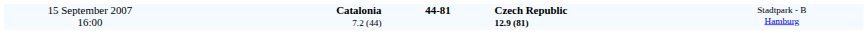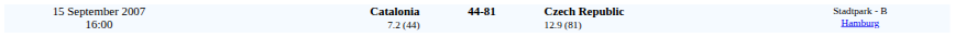 <table style="width: 100%; background:#F5FAFF;" cellspacing="0">
 <tr>
 <td align=center rowspan=3 width=20%>15 September 2007<br>16:00</td>
 </tr>
 <tr>
 <td width=24% align=right><strong>Catalonia</strong></td>
 <td align=center width=13%><strong>44-81</strong></td>
 <td width=24%><strong>Czech Republic</strong></td>
 <td style=font-size:85% rowspan=3 valign=top align=center>Stadtpark - B <br><a href='#'>Hamburg</a></td>
 </tr>
 <tr style=font-size:85%>
 <td align=right>7.2 (44)</td>
 <td align=center></td>
-<td><strong>12.9 (81)</strong></td>
+<td>12.9 (81)</td>
 </tr>
 </table>
